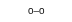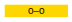 <table style="text-align:center">
 <tr>
 <th width=200></th>
 <th width=100></th>
 <th width=200></th>
 </tr>
 <tr>
 <td align=right></td>
-<td>0–0</td>
+<td style="background: gold;">0–0</td>
 <td align=left></td>
 </tr>
 </table>
